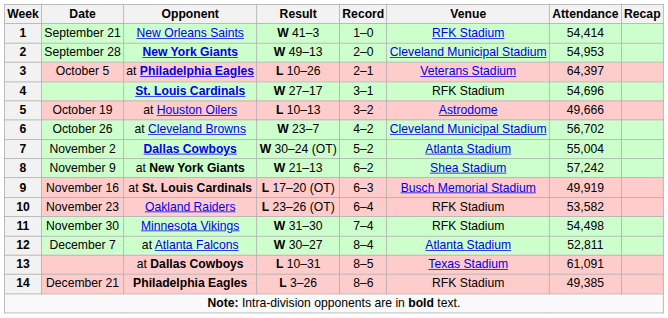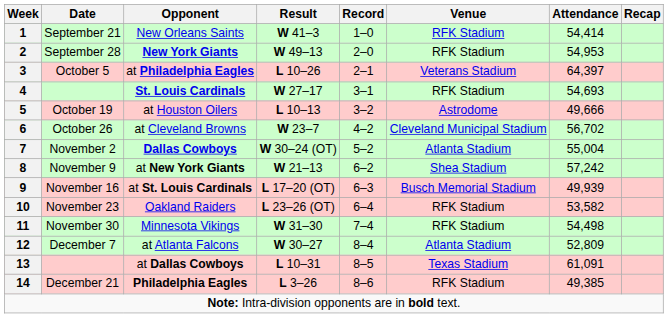 <table class="wikitable" style="text-align:center">
 <tr>
 <th>Week</th>
 <th>Date</th>
 <th>Opponent</th>
 <th>Result</th>
 <th>Record</th>
 <th>Venue</th>
 <th>Attendance</th>
 <th>Recap</th>
 </tr>
 <tr style="background:#cfc">
 <th>1</th>
 <td>September 21</td>
 <td><a href='#'>New Orleans Saints</a></td>
 <td><strong>W</strong> 41–3</td>
 <td>1–0</td>
 <td><a href='#'>RFK Stadium</a></td>
 <td>54,414</td>
 <td></td>
 </tr>
 <tr style="background:#cfc">
 <th>2</th>
 <td>September 28</td>
 <td><strong><a href='#'>New York Giants</a></strong></td>
 <td><strong>W</strong> 49–13</td>
 <td>2–0</td>
-<td><a href='#'>Cleveland Municipal Stadium</a></td>
+<td>RFK Stadium</td>
 <td>54,953</td>
 <td></td>
 </tr>
 <tr style="background:#fcc">
 <th>3</th>
 <td>October 5</td>
 <td>at <strong><a href='#'>Philadelphia Eagles</a></strong></td>
 <td><strong>L</strong> 10–26</td>
 <td>2–1</td>
 <td><a href='#'>Veterans Stadium</a></td>
 <td>64,397</td>
 <td></td>
 </tr>
 <tr style="background:#cfc">
 <th>4</th>
 <td></td>
 <td><strong><a href='#'>St. Louis Cardinals</a></strong></td>
 <td><strong>W</strong> 27–17</td>
 <td>3–1</td>
 <td>RFK Stadium</td>
-<td>54,696</td>
+<td>54,693</td>
 <td></td>
 </tr>
 <tr style="background:#fcc">
 <th>5</th>
 <td>October 19</td>
 <td>at <a href='#'>Houston Oilers</a></td>
 <td><strong>L</strong> 10–13</td>
 <td>3–2</td>
 <td><a href='#'>Astrodome</a></td>
 <td>49,666</td>
 <td></td>
 </tr>
 <tr style="background:#cfc">
 <th>6</th>
 <td>October 26</td>
 <td>at <a href='#'>Cleveland Browns</a></td>
 <td><strong>W</strong> 23–7</td>
 <td>4–2</td>
 <td><a href='#'>Cleveland Municipal Stadium</a></td>
 <td>56,702</td>
 <td></td>
 </tr>
 <tr style="background:#cfc">
 <th>7</th>
 <td>November 2</td>
 <td><strong><a href='#'>Dallas Cowboys</a></strong></td>
 <td><strong>W</strong> 30–24 (OT)</td>
 <td>5–2</td>
 <td><a href='#'>Atlanta Stadium</a></td>
 <td>55,004</td>
 <td></td>
 </tr>
 <tr style="background:#cfc">
 <th>8</th>
 <td>November 9</td>
 <td>at <strong>New York Giants</strong></td>
 <td><strong>W</strong> 21–13</td>
 <td>6–2</td>
 <td><a href='#'>Shea Stadium</a></td>
 <td>57,242</td>
 <td></td>
 </tr>
 <tr style="background:#fcc">
 <th>9</th>
 <td>November 16</td>
 <td>at <strong>St. Louis Cardinals</strong></td>
 <td><strong>L</strong> 17–20 (OT)</td>
 <td>6–3</td>
 <td><a href='#'>Busch Memorial Stadium</a></td>
-<td>49,919</td>
+<td>49,939</td>
 <td></td>
 </tr>
 <tr style="background:#fcc">
 <th>10</th>
 <td>November 23</td>
 <td><a href='#'>Oakland Raiders</a></td>
 <td><strong>L</strong> 23–26 (OT)</td>
 <td>6–4</td>
 <td>RFK Stadium</td>
 <td>53,582</td>
 <td></td>
 </tr>
 <tr style="background:#cfc">
 <th>11</th>
 <td>November 30</td>
 <td><a href='#'>Minnesota Vikings</a></td>
 <td><strong>W</strong> 31–30</td>
 <td>7–4</td>
 <td>RFK Stadium</td>
 <td>54,498</td>
 <td></td>
 </tr>
 <tr style="background:#cfc">
 <th>12</th>
 <td>December 7</td>
 <td>at <a href='#'>Atlanta Falcons</a></td>
 <td><strong>W</strong> 30–27</td>
 <td>8–4</td>
 <td><a href='#'>Atlanta Stadium</a></td>
-<td>52,811</td>
+<td>52,809</td>
 <td></td>
 </tr>
 <tr style="background:#fcc">
 <th>13</th>
 <td></td>
 <td>at <strong>Dallas Cowboys</strong></td>
 <td><strong>L</strong> 10–31</td>
 <td>8–5</td>
 <td><a href='#'>Texas Stadium</a></td>
 <td>61,091</td>
 <td></td>
 </tr>
 <tr style="background:#fcc">
 <th>14</th>
 <td>December 21</td>
 <td><strong>Philadelphia Eagles</strong></td>
 <td><strong>L</strong> 3–26</td>
 <td>8–6</td>
 <td>RFK Stadium</td>
 <td>49,385</td>
 <td></td>
 </tr>
 <tr>
 <td colspan="8"><strong>Note:</strong> Intra-division opponents are in <strong>bold</strong> text.</td>
 </tr>
 </table>
